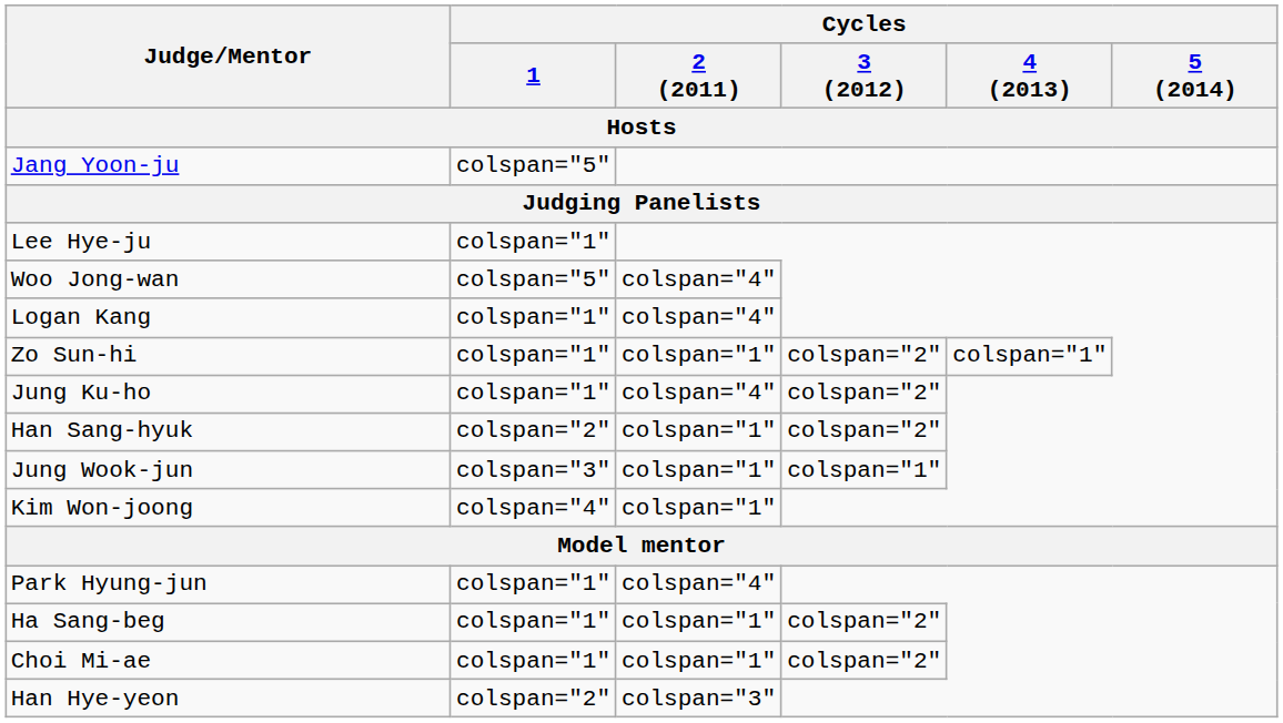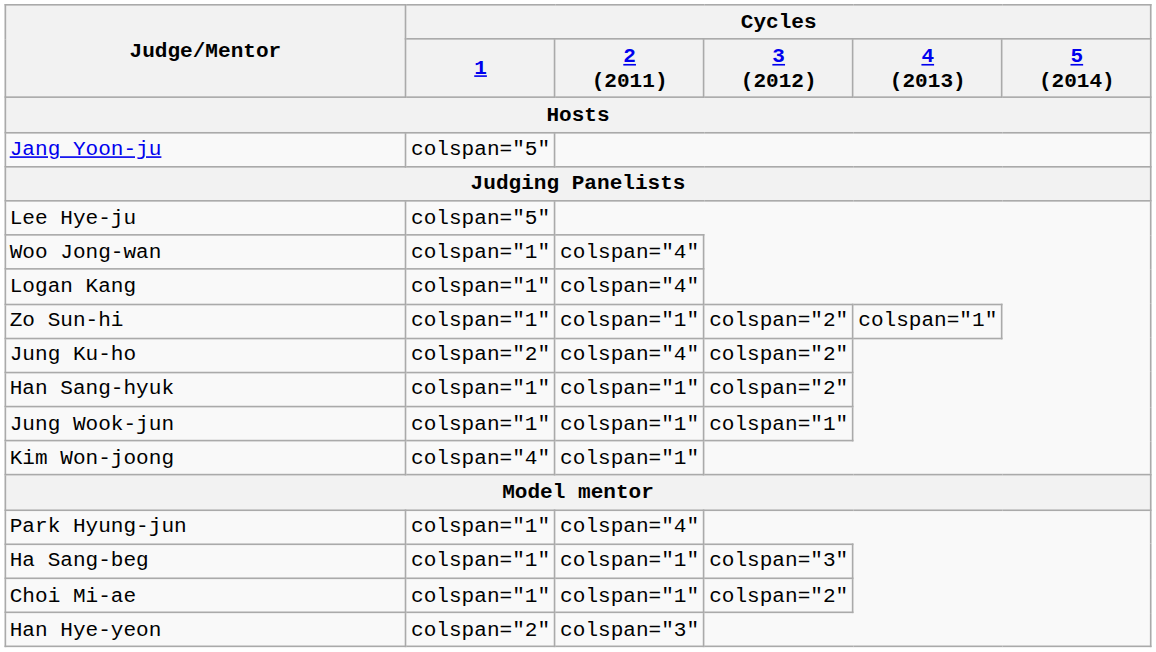 <table class="wikitable" style="margin:1em auto 1em auto;">
 <tr>
 <th rowspan="2">Judge/Mentor</th>
 <th colspan="6">Cycles</th>
 </tr>
 <tr>
 <th width="13%"><a href='#'>1</a><br> </th>
 <th width="13%"><a href='#'>2</a><br> (2011)</th>
 <th width="13%"><a href='#'>3</a><br> (2012)</th>
 <th width="13%"><a href='#'>4</a><br> (2013)</th>
 <th width="13%"><a href='#'>5</a><br> (2014)</th>
 </tr>
 <tr>
 <th scope="col" colspan="9">Hosts</th>
 </tr>
 <tr>
 <td scope="row"><a href='#'>Jang Yoon-ju</a></td>
 <td>colspan="5" </td>
 </tr>
 <tr>
 <th scope="col" colspan="13">Judging Panelists</th>
 </tr>
 <tr>
 <td scope="row">Lee Hye-ju</td>
-<td>colspan="1" </td>
+<td>colspan="5" </td>
 </tr>
 <tr>
 <td scope="row">Woo Jong-wan</td>
-<td>colspan="5" </td>
+<td>colspan="1" </td>
 <td>colspan="4" </td>
 </tr>
 <tr>
 <td scope="row">Logan Kang</td>
 <td>colspan="1" </td>
 <td>colspan="4" </td>
 </tr>
 <tr>
 <td scope="row">Zo Sun-hi</td>
 <td>colspan="1" </td>
 <td>colspan="1" </td>
 <td>colspan="2" </td>
 <td>colspan="1" </td>
 </tr>
 <tr>
 <td scope="row">Jung Ku-ho</td>
-<td>colspan="1" </td>
+<td>colspan="2" </td>
 <td>colspan="4" </td>
 <td>colspan="2" </td>
 </tr>
 <tr>
 <td scope="row">Han Sang-hyuk</td>
-<td>colspan="2" </td>
+<td>colspan="1" </td>
 <td>colspan="1" </td>
 <td>colspan="2" </td>
 </tr>
 <tr>
 <td scope="row">Jung Wook-jun</td>
-<td>colspan="3" </td>
+<td>colspan="1" </td>
 <td>colspan="1" </td>
 <td>colspan="1" </td>
 </tr>
 <tr>
 <td scope="row">Kim Won-joong</td>
 <td>colspan="4" </td>
 <td>colspan="1" </td>
 </tr>
 <tr>
 <th scope="col" colspan="25">Model mentor</th>
 </tr>
 <tr>
 <td scope="row">Park Hyung-jun</td>
 <td>colspan="1" </td>
 <td>colspan="4" </td>
 </tr>
 <tr>
 <td scope="row">Ha Sang-beg</td>
 <td>colspan="1" </td>
 <td>colspan="1" </td>
-<td>colspan="2" </td>
+<td>colspan="3" </td>
 </tr>
 <tr>
 <td scope="row">Choi Mi-ae</td>
 <td>colspan="1" </td>
 <td>colspan="1" </td>
 <td>colspan="2" </td>
 </tr>
 <tr>
 <td scope="row">Han Hye-yeon</td>
 <td>colspan="2" </td>
 <td>colspan="3" </td>
 </tr>
 </table>
